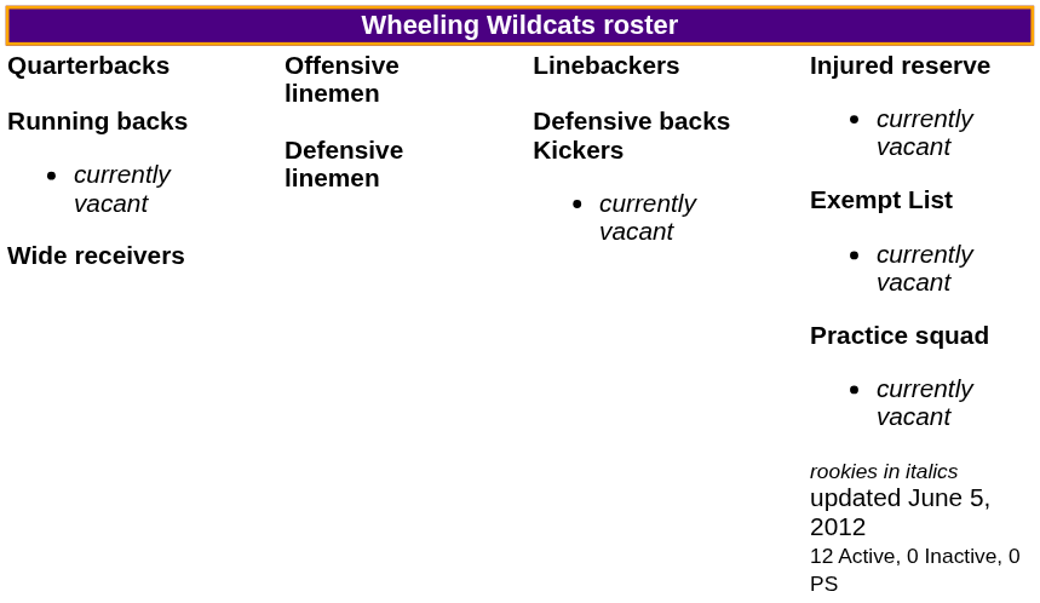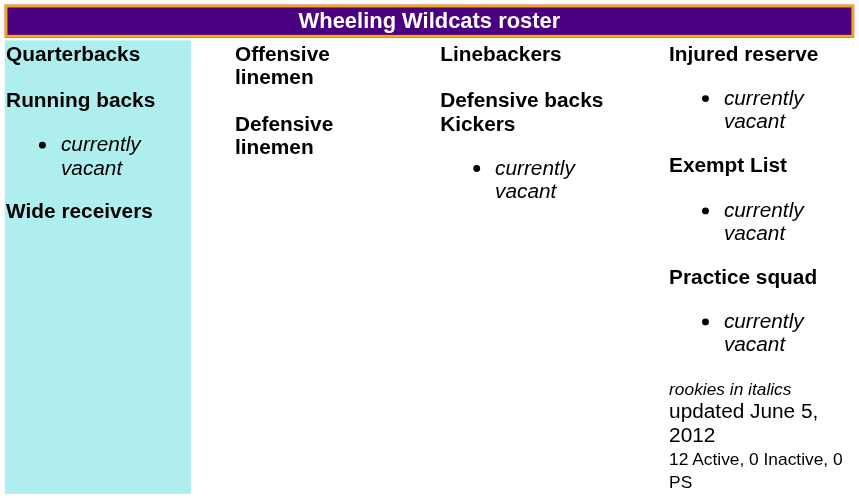 <table class="toccolours" style="text-align: left">
 <tr>
 <th colspan="7" style="background:#4B0082; border:2px solid orange; color:white; text-align:center;"><strong>Wheeling Wildcats roster</strong></th>
 </tr>
 <tr>
-<td style="font-size: 95%;" valign="top"><strong>Quarterbacks</strong><br><br><strong>Running backs</strong><ul><li><em>currently vacant</em></li></ul><strong>Wide receivers</strong>   </td>
+<td style="background: paleturquoise; font-size: 95%;" valign="top"><strong>Quarterbacks</strong><br><br><strong>Running backs</strong><ul><li><em>currently vacant</em></li></ul><strong>Wide receivers</strong>   </td>
 <td style="width: 25px;"></td>
 <td style="font-size: 95%;" valign="top"><strong>Offensive linemen</strong><br>  <br><strong>Defensive linemen</strong> </td>
 <td style="width: 25px;"></td>
 <td style="font-size: 95%;" valign="top"><strong>Linebackers</strong><br> <br><strong>Defensive backs</strong>  <br><strong>Kickers</strong><ul><li><em>currently vacant</em></li></ul></td>
 <td style="width: 25px;"></td>
 <td style="font-size: 95%;" valign="top"><strong>Injured reserve</strong><br><ul><li><em>currently vacant</em></li></ul><strong>Exempt List</strong><ul><li><em>currently vacant</em></li></ul><strong>Practice squad</strong><ul><li><em>currently vacant</em></li></ul><small><em>rookies in italics</em></small><br> updated June 5, 2012<br> <small>12 Active, 0 Inactive, 0 PS</small></td>
 </tr>
 <tr>
 </tr>
 </table>
